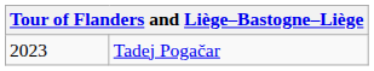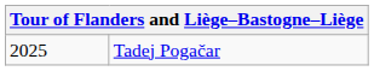 <table class="wikitable">
 <tr>
 <th colspan=2><a href='#'>Tour of Flanders</a> and <a href='#'>Liège–Bastogne–Liège</a></th>
 </tr>
 <tr>
-<td>2023</td>
+<td>2025</td>
 <td> <a href='#'>Tadej Pogačar</a></td>
 </tr>
 </table>
